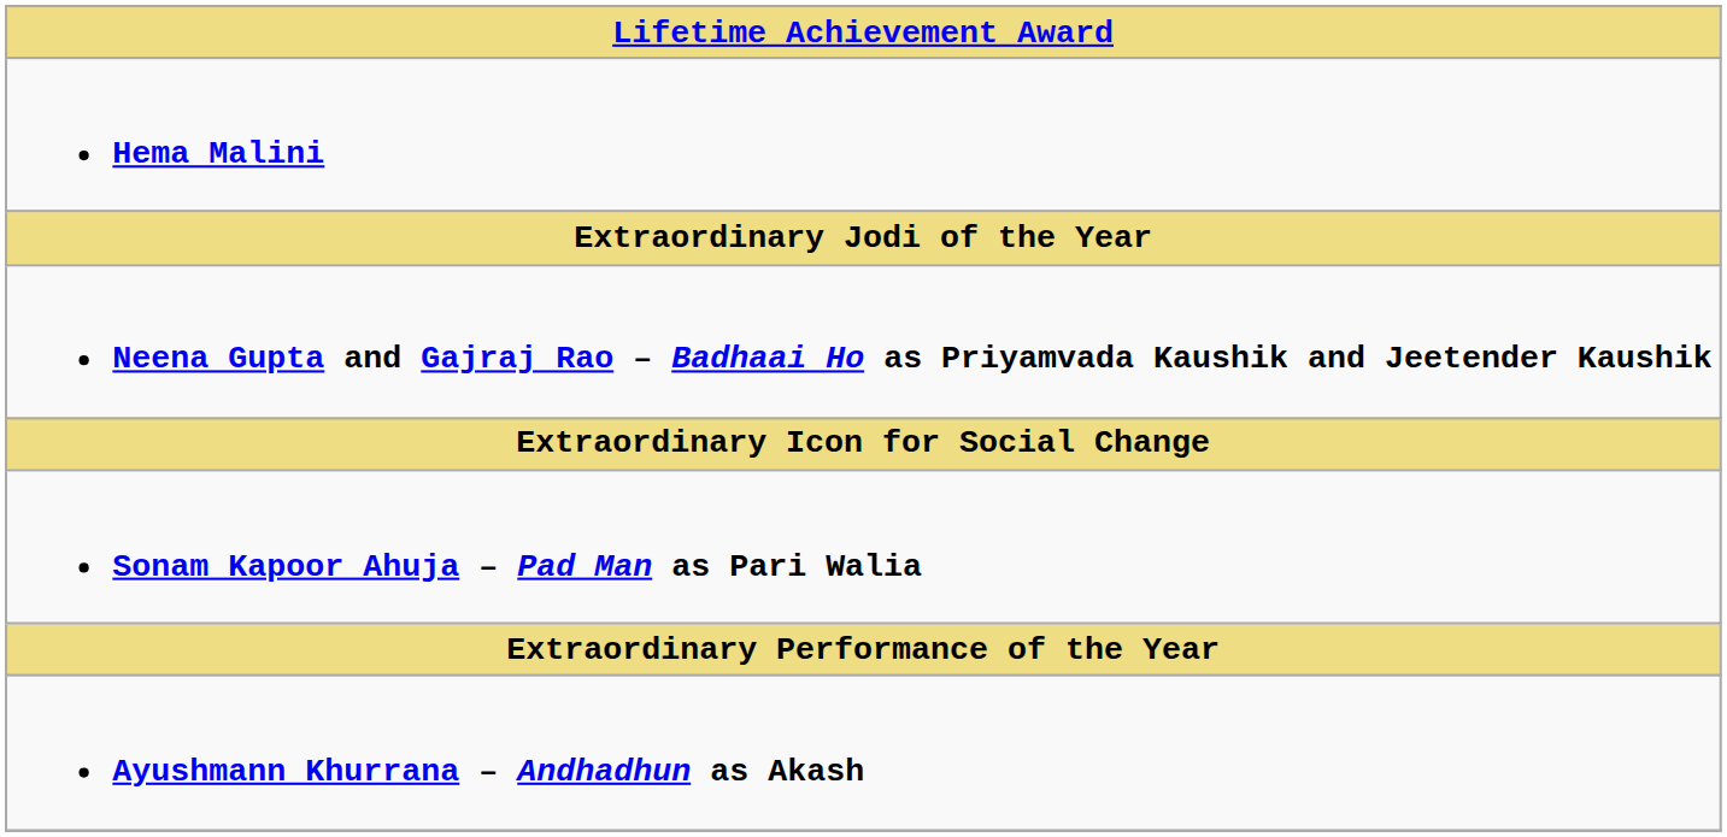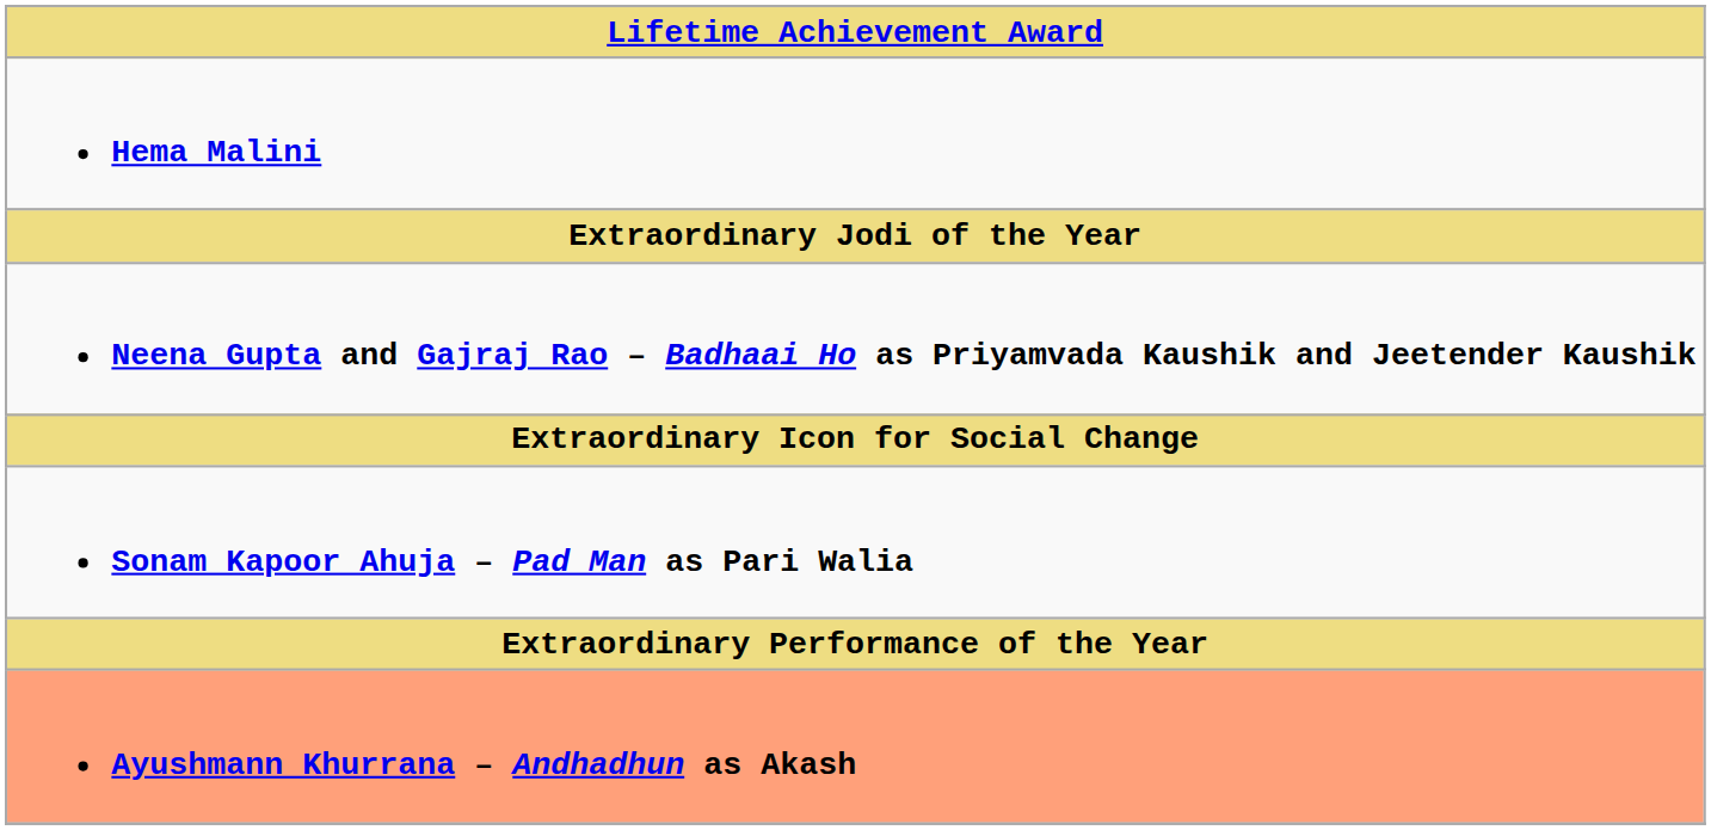 <table class="wikitable">
 <tr>
 <th style="background:#EEDD82;text-align:center;"><a href='#'>Lifetime Achievement Award</a></th>
 </tr>
 <tr>
 <td valign="top"><br><ul><li><strong><a href='#'>Hema Malini</a></strong></li></ul></td>
 </tr>
 <tr>
 <th style="background:#EEDD82;text-align:center;"><strong>Extraordinary Jodi of the Year</strong></th>
 </tr>
 <tr>
 <td valign="top"><br><ul><li><strong><a href='#'>Neena Gupta</a> and <a href='#'>Gajraj Rao</a> – <em><a href='#'>Badhaai Ho</a></em> as Priyamvada Kaushik and Jeetender Kaushik</strong></li></ul></td>
 </tr>
 <tr>
 <th style="background:#EEDD82;text-align:center;"><strong>Extraordinary Icon for Social Change</strong></th>
 </tr>
 <tr>
 <td valign="top"><br><ul><li><strong><a href='#'>Sonam Kapoor Ahuja</a> – <em><a href='#'>Pad Man</a></em> as Pari Walia</strong></li></ul></td>
 </tr>
 <tr>
 <th style="background:#EEDD82;text-align:center;"><strong>Extraordinary Performance of the Year</strong></th>
 </tr>
 <tr>
-<td valign="top"><br><ul><li><strong><a href='#'>Ayushmann Khurrana</a> – <em><a href='#'>Andhadhun</a></em> as Akash</strong></li></ul></td>
+<td valign="top" style="background: lightsalmon;"><br><ul><li><strong><a href='#'>Ayushmann Khurrana</a> – <em><a href='#'>Andhadhun</a></em> as Akash</strong></li></ul></td>
 </tr>
 <tr>
 </tr>
 </table>
